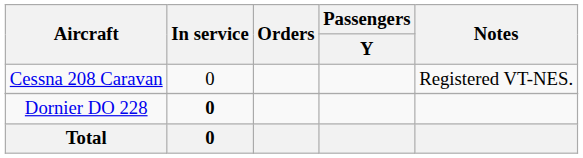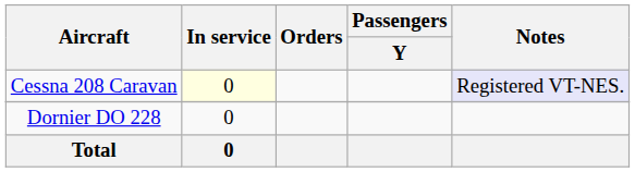 <table class="wikitable" style="margin:1em auto; text-align:center;">
 <tr>
 <th rowspan="2">Aircraft</th>
 <th rowspan="2">In service</th>
 <th rowspan="2">Orders</th>
 <th colspan="1">Passengers</th>
 <th rowspan="2">Notes</th>
 </tr>
 <tr>
 <th style="width:25px;"><abbr>Y</abbr></th>
 </tr>
 <tr>
 <td><a href='#'>Cessna 208 Caravan</a></td>
-<td>0</td>
+<td style="background: lightyellow;">0</td>
 <td></td>
 <td></td>
-<td>Registered VT-NES.</td>
+<td style="background: lavender;">Registered VT-NES.</td>
 </tr>
 <tr>
 </tr>
 <tr>
 <td><a href='#'>Dornier DO 228</a></td>
-<td><strong>0</strong></td>
+<td>0</td>
 <td></td>
 <td></td>
 <td></td>
 </tr>
 <tr>
 <th>Total</th>
 <th>0</th>
 <th></th>
 <th></th>
 <th colspan=2></th>
 </tr>
 </table>
